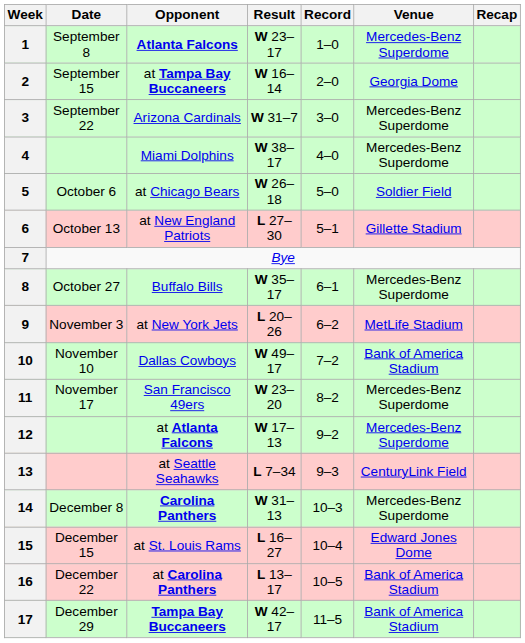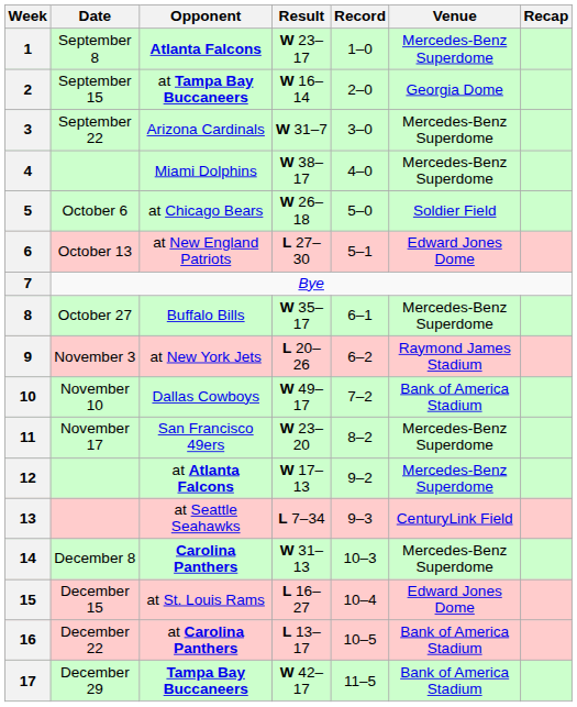 <table class="wikitable" style="text-align:center">
 <tr>
 <th>Week</th>
 <th>Date</th>
 <th>Opponent</th>
 <th>Result</th>
 <th>Record</th>
 <th>Venue</th>
 <th>Recap</th>
 </tr>
 <tr style="background:#cfc">
 <th>1</th>
 <td>September 8</td>
 <td><strong><a href='#'>Atlanta Falcons</a></strong></td>
 <td><strong>W </strong>23–17</td>
 <td>1–0</td>
 <td><a href='#'>Mercedes-Benz Superdome</a></td>
 <td></td>
 </tr>
 <tr style="background:#cfc">
 <th>2</th>
 <td>September 15</td>
 <td>at <strong><a href='#'>Tampa Bay Buccaneers</a></strong></td>
 <td><strong>W</strong> 16–14</td>
 <td>2–0</td>
 <td><a href='#'>Georgia Dome</a></td>
 <td></td>
 </tr>
 <tr style="background:#cfc">
 <th>3</th>
 <td>September 22</td>
 <td><a href='#'>Arizona Cardinals</a></td>
 <td><strong>W</strong> 31–7</td>
 <td>3–0</td>
 <td>Mercedes-Benz Superdome</td>
 <td></td>
 </tr>
 <tr style="background:#cfc">
 <th>4</th>
 <td></td>
 <td><a href='#'>Miami Dolphins</a></td>
 <td><strong>W</strong> 38–17</td>
 <td>4–0</td>
 <td>Mercedes-Benz Superdome</td>
 <td></td>
 </tr>
 <tr style="background:#cfc">
 <th>5</th>
 <td>October 6</td>
 <td>at <a href='#'>Chicago Bears</a></td>
 <td><strong>W</strong> 26–18</td>
 <td>5–0</td>
 <td><a href='#'>Soldier Field</a></td>
 <td></td>
 </tr>
 <tr style="background:#fcc">
 <th>6</th>
 <td>October 13</td>
 <td>at <a href='#'>New England Patriots</a></td>
 <td><strong>L</strong> 27–30</td>
 <td>5–1</td>
-<td><a href='#'>Gillette Stadium</a></td>
+<td><a href='#'>Edward Jones Dome</a></td>
 <td></td>
 </tr>
 <tr>
 <th>7</th>
 <td colspan="6"><em><a href='#'>Bye</a></em></td>
 </tr>
 <tr style="background:#cfc">
 <th>8</th>
 <td>October 27</td>
 <td><a href='#'>Buffalo Bills</a></td>
 <td><strong>W</strong> 35–17</td>
 <td>6–1</td>
 <td>Mercedes-Benz Superdome</td>
 <td></td>
 </tr>
 <tr style="background:#fcc">
 <th>9</th>
 <td>November 3</td>
 <td>at <a href='#'>New York Jets</a></td>
 <td><strong>L</strong> 20–26</td>
 <td>6–2</td>
-<td><a href='#'>MetLife Stadium</a></td>
+<td><a href='#'>Raymond James Stadium</a></td>
 <td></td>
 </tr>
 <tr style="background:#cfc">
 <th>10</th>
 <td>November 10</td>
 <td><a href='#'>Dallas Cowboys</a></td>
 <td><strong>W</strong> 49–17</td>
 <td>7–2</td>
 <td><a href='#'>Bank of America Stadium</a></td>
 <td></td>
 </tr>
 <tr style="background:#cfc">
 <th>11</th>
 <td>November 17</td>
 <td><a href='#'>San Francisco 49ers</a></td>
 <td><strong>W</strong> 23–20</td>
 <td>8–2</td>
 <td>Mercedes-Benz Superdome</td>
 <td></td>
 </tr>
 <tr style="background:#cfc">
 <th>12</th>
 <td></td>
 <td>at <strong><a href='#'>Atlanta Falcons</a></strong></td>
 <td><strong>W</strong> 17–13</td>
 <td>9–2</td>
 <td><a href='#'>Mercedes-Benz Superdome</a></td>
 <td></td>
 </tr>
 <tr style="background:#fcc">
 <th>13</th>
 <td></td>
 <td>at <a href='#'>Seattle Seahawks</a></td>
 <td><strong>L</strong> 7–34</td>
 <td>9–3</td>
 <td><a href='#'>CenturyLink Field</a></td>
 <td></td>
 </tr>
 <tr style="background:#cfc">
 <th>14</th>
 <td>December 8</td>
 <td><strong><a href='#'>Carolina Panthers</a></strong></td>
 <td><strong>W</strong> 31–13</td>
 <td>10–3</td>
 <td>Mercedes-Benz Superdome</td>
 <td></td>
 </tr>
 <tr style="background:#fcc">
 <th>15</th>
 <td>December 15</td>
 <td>at <a href='#'>St. Louis Rams</a></td>
 <td><strong>L</strong> 16–27</td>
 <td>10–4</td>
 <td><a href='#'>Edward Jones Dome</a></td>
 <td></td>
 </tr>
 <tr style="background:#fcc">
 <th>16</th>
 <td>December 22</td>
 <td>at <strong><a href='#'>Carolina Panthers</a></strong></td>
 <td><strong>L</strong> 13–17</td>
 <td>10–5</td>
 <td><a href='#'>Bank of America Stadium</a></td>
 <td></td>
 </tr>
 <tr style="background:#cfc">
 <th>17</th>
 <td>December 29</td>
 <td><strong><a href='#'>Tampa Bay Buccaneers</a></strong></td>
 <td><strong>W</strong> 42–17</td>
 <td>11–5</td>
 <td><a href='#'>Bank of America Stadium</a></td>
 <td></td>
 </tr>
 </table>
